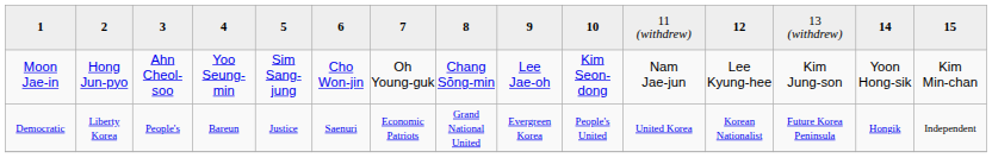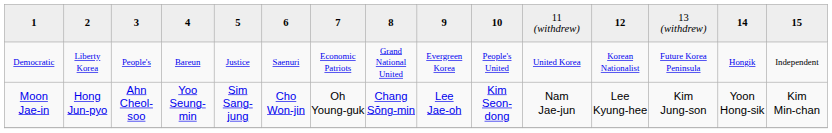 <table class="wikitable"  style="float: margin:10px">
 <tr style="background:#eee; text-align:center;">
 <td style="padding:10px; width:125px;"><strong>1</strong></td>
 <td style="padding:10px; width:125px;"><strong>2</strong></td>
 <td style="padding:10px; width:125px;"><strong>3</strong></td>
 <td style="padding:10px; width:125px;"><strong>4</strong></td>
 <td style="padding:10px; width:125px;"><strong>5</strong></td>
 <td style="padding:10px; width:125px;"><strong>6</strong></td>
 <td style="padding:10px; width:125px;"><strong>7</strong></td>
 <td style="padding:10px; width:125px;"><strong>8</strong></td>
 <td style="padding:10px; width:125px;"><strong>9</strong></td>
 <td style="padding:10px; width:125px;"><strong>10</strong></td>
 <td style="padding:10px; width:125px;">11 <em>(withdrew)</em></td>
 <td style="padding:10px; width:125px;"><strong>12</strong></td>
 <td style="padding:10px; width:125px;">13 <em>(withdrew)</em></td>
 <td style="padding:10px; width:125px;"><strong>14</strong></td>
 <td style="padding:10px; width:125px;"><strong>15</strong></td>
 </tr>
 <tr>
+<td style=" text-align:center;"> <small><a href='#'>Democratic</a></small></td>
+<td style=" text-align:center;"> <small><a href='#'>Liberty Korea</a></small></td>
+<td style=" text-align:center;"> <small><a href='#'>People's</a></small></td>
+<td style=" text-align:center;"> <small><a href='#'>Bareun</a></small></td>
+<td style=" text-align:center;"> <small><a href='#'>Justice</a></small></td>
+<td style=" text-align:center;"> <small><a href='#'>Saenuri</a></small></td>
+<td style=" text-align:center;"> <small><a href='#'>Economic Patriots</a></small></td>
+<td style=" text-align:center;"> <small><a href='#'>Grand National United</a></small></td>
+<td style=" text-align:center;"> <small><a href='#'>Evergreen Korea</a></small></td>
+<td style=" text-align:center;"> <small><a href='#'>People's United</a></small></td>
+<td style=" text-align:center;"> <small><a href='#'>United Korea</a></small></td>
+<td style=" text-align:center;"> <small><a href='#'>Korean Nationalist</a></small></td>
+<td style=" text-align:center;"> <small><a href='#'>Future Korea Peninsula</a></small></td>
+<td style=" text-align:center;"> <small><a href='#'>Hongik</a></small></td>
+<td style=" text-align:center;"> <small>Independent</small></td>
+</tr>
+<tr>
 <td style="width:90px; padding:2px 0 6px; font:17px georgia,arial; text-align:center;"><a href='#'>Moon<br>Jae-in</a></td>
 <td style="width:90px; padding:2px 0 6px; font:17px georgia,arial; text-align:center;"><a href='#'>Hong<br>Jun-pyo</a></td>
 <td style="width:90px; padding:2px 0 6px; font:17px georgia,arial; text-align:center;"><a href='#'>Ahn<br>Cheol-soo</a></td>
 <td style="width:90px; padding:2px 0 6px; font:17px georgia,arial; text-align:center;"><a href='#'>Yoo<br>Seung-min</a></td>
 <td style="width:90px; padding:2px 0 6px; font:17px georgia,arial; text-align:center;"><a href='#'>Sim<br>Sang-jung</a></td>
 <td style="width:90px; padding:2px 0 6px; font:17px georgia,arial; text-align:center;"><a href='#'>Cho<br>Won-jin</a></td>
 <td style="width:90px; padding:2px 0 6px; font:17px georgia,arial; text-align:center;">Oh<br>Young-guk</td>
 <td style="width:90px; padding:2px 0 6px; font:17px georgia,arial; text-align:center;"><a href='#'>Chang<br>Sŏng-min</a></td>
 <td style="width:90px; padding:2px 0 6px; font:17px georgia,arial; text-align:center;"><a href='#'>Lee<br>Jae-oh</a></td>
 <td style="width:90px; padding:2px 0 6px; font:17px georgia,arial; text-align:center;"><a href='#'>Kim Seon-dong</a></td>
 <td style="width:90px; padding:2px 0 6px; font:17px georgia,arial; text-align:center;">Nam<br>Jae-jun</td>
 <td style="width:90px; padding:2px 0 6px; font:17px georgia,arial; text-align:center;">Lee<br>Kyung-hee</td>
 <td style="width:90px; padding:2px 0 6px; font:17px georgia,arial; text-align:center;">Kim<br>Jung-son</td>
 <td style="width:90px; padding:2px 0 6px; font:17px georgia,arial; text-align:center;">Yoon<br>Hong-sik</td>
 <td style="width:90px; padding:2px 0 6px; font:17px georgia,arial; text-align:center;">Kim<br>Min-chan</td>
 </tr>
 <tr>
-<td style=" text-align:center;"> <small><a href='#'>Democratic</a></small></td>
-<td style=" text-align:center;"> <small><a href='#'>Liberty Korea</a></small></td>
-<td style=" text-align:center;"> <small><a href='#'>People's</a></small></td>
-<td style=" text-align:center;"> <small><a href='#'>Bareun</a></small></td>
-<td style=" text-align:center;"> <small><a href='#'>Justice</a></small></td>
-<td style=" text-align:center;"> <small><a href='#'>Saenuri</a></small></td>
-<td style=" text-align:center;"> <small><a href='#'>Economic Patriots</a></small></td>
-<td style=" text-align:center;"> <small><a href='#'>Grand National United</a></small></td>
-<td style=" text-align:center;"> <small><a href='#'>Evergreen Korea</a></small></td>
-<td style=" text-align:center;"> <small><a href='#'>People's United</a></small></td>
-<td style=" text-align:center;"> <small><a href='#'>United Korea</a></small></td>
-<td style=" text-align:center;"> <small><a href='#'>Korean Nationalist</a></small></td>
-<td style=" text-align:center;"> <small><a href='#'>Future Korea Peninsula</a></small></td>
-<td style=" text-align:center;"> <small><a href='#'>Hongik</a></small></td>
-<td style=" text-align:center;"> <small>Independent</small></td>
-</tr>
-<tr>
 </tr>
 </table>
